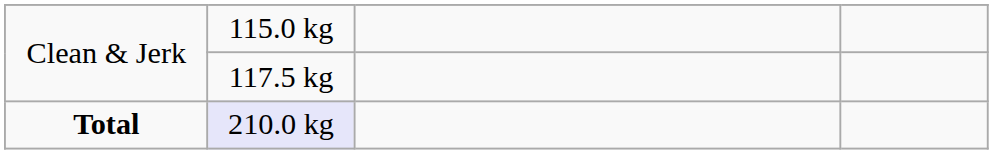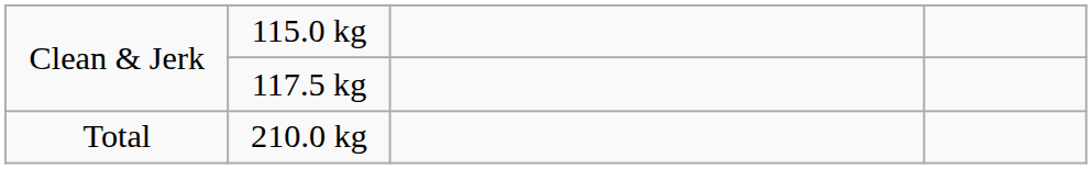 <table class = "wikitable" style="text-align:center;">
 <tr>
 <td rowspan=2 width=100>Clean & Jerk</td>
 <td width=70>115.0 kg</td>
 <td width=250 align=left></td>
 <td width=70></td>
 </tr>
 <tr>
 <td>117.5 kg</td>
 <td align=left></td>
 <td></td>
 </tr>
 <tr>
-<td><strong>Total</strong></td>
-<td style="background: lavender;">210.0 kg</td>
+<td>Total</td>
+<td>210.0 kg</td>
 <td align=left></td>
 <td></td>
 </tr>
 </table>
